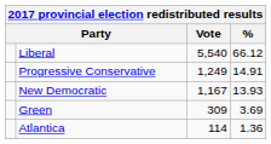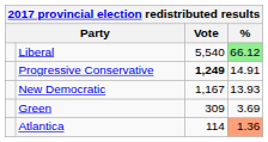 <table class="wikitable">
 <tr>
 <th colspan="4"><a href='#'>2017 provincial election</a> redistributed results</th>
 </tr>
 <tr>
 <th bgcolor="#DDDDFF" width="130px" colspan="2">Party</th>
 <th bgcolor="#DDDDFF" width="50px">Vote</th>
 <th bgcolor="#DDDDFF" width="30px">%</th>
 </tr>
 <tr>
 <td> </td>
 <td><a href='#'>Liberal</a></td>
 <td align=right>5,540</td>
-<td align=right>66.12</td>
+<td align=right style="background: lightgreen;">66.12</td>
 </tr>
 <tr>
 <td> </td>
 <td><a href='#'>Progressive Conservative</a></td>
-<td align=right>1,249</td>
+<td align=right><strong>1,249</strong></td>
 <td align=right>14.91</td>
 </tr>
 <tr>
 <td> </td>
 <td><a href='#'>New Democratic</a></td>
 <td align=right>1,167</td>
 <td align=right>13.93</td>
 </tr>
 <tr>
 <td> </td>
 <td><a href='#'>Green</a></td>
 <td align=right>309</td>
 <td align=right>3.69</td>
 </tr>
 <tr>
 <td> </td>
 <td><a href='#'>Atlantica</a></td>
 <td align=right>114</td>
-<td align=right>1.36</td>
+<td align=right style="background: lightsalmon;">1.36</td>
 </tr>
 </table>
